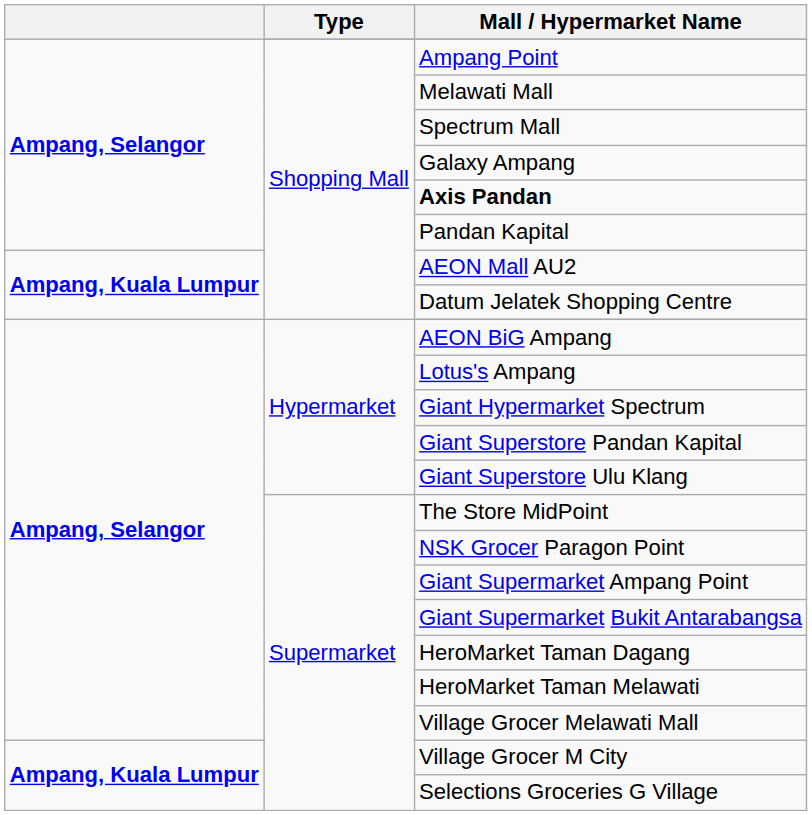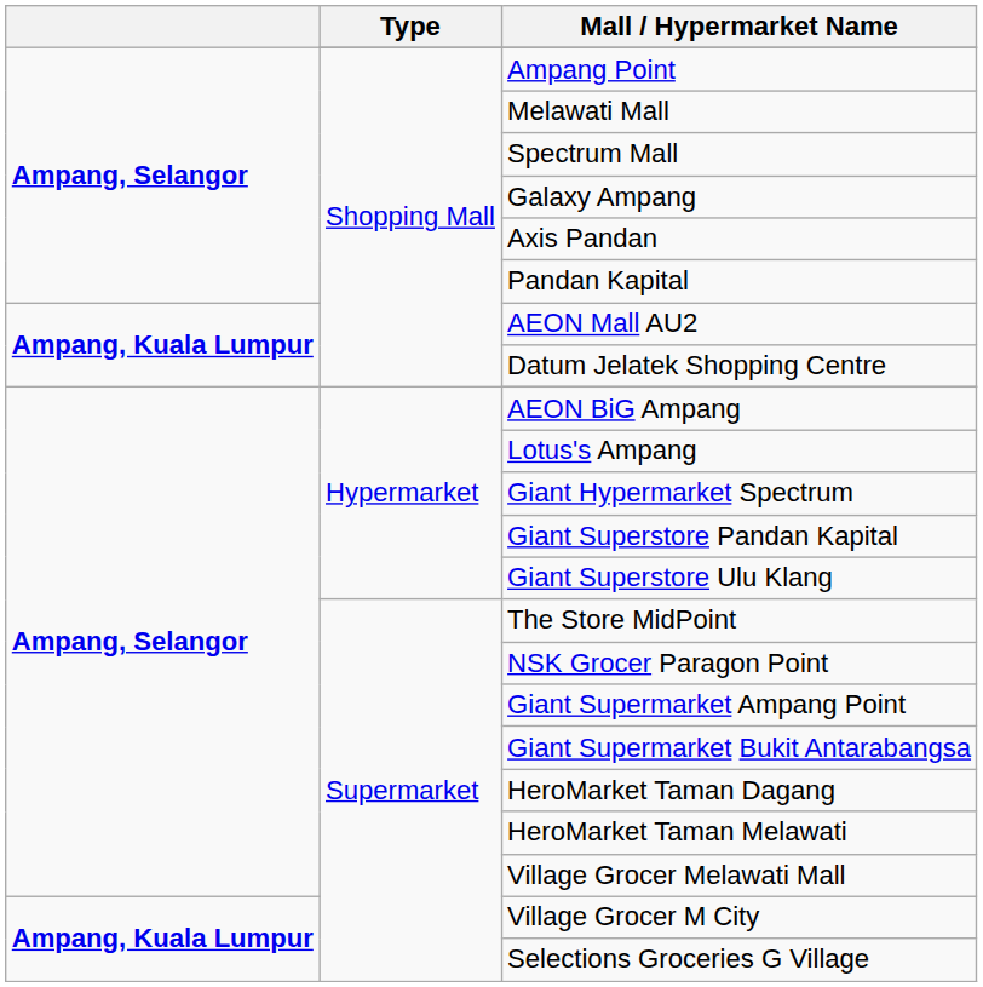 <table class="wikitable">
 <tr>
 <th></th>
 <th>Type</th>
 <th>Mall / Hypermarket Name</th>
 </tr>
 <tr>
 <td rowspan="7"><strong><a href='#'>Ampang, Selangor</a></strong></td>
 </tr>
 <tr>
 <td rowspan="8"><a href='#'>Shopping Mall</a></td>
 <td><a href='#'>Ampang Point</a></td>
 </tr>
 <tr>
 <td>Melawati Mall</td>
 </tr>
 <tr>
 <td>Spectrum Mall</td>
 </tr>
 <tr>
 <td>Galaxy Ampang</td>
 </tr>
 <tr>
-<td><strong>Axis Pandan</strong></td>
+<td>Axis Pandan</td>
 </tr>
 <tr>
 <td>Pandan Kapital</td>
 </tr>
 <tr>
 <td rowspan="2"><strong><a href='#'>Ampang, Kuala Lumpur</a></strong></td>
 <td><a href='#'>AEON Mall</a> AU2</td>
 </tr>
 <tr>
 <td>Datum Jelatek Shopping Centre</td>
 </tr>
 <tr>
 <td rowspan="13"><strong><a href='#'>Ampang, Selangor</a></strong></td>
 <td rowspan="6"><a href='#'>Hypermarket</a></td>
 </tr>
 <tr>
 <td><a href='#'>AEON BiG</a> Ampang</td>
 </tr>
 <tr>
 <td><a href='#'>Lotus's</a> Ampang</td>
 </tr>
 <tr>
 <td><a href='#'>Giant Hypermarket</a> Spectrum</td>
 </tr>
 <tr>
 <td><a href='#'>Giant Superstore</a> Pandan Kapital</td>
 </tr>
 <tr>
 <td><a href='#'>Giant Superstore</a> Ulu Klang</td>
 </tr>
 <tr>
 <td rowspan="9"><a href='#'>Supermarket</a></td>
 <td>The Store MidPoint</td>
 </tr>
 <tr>
 <td><a href='#'>NSK Grocer</a> Paragon Point</td>
 </tr>
 <tr>
 <td><a href='#'>Giant Supermarket</a> Ampang Point</td>
 </tr>
 <tr>
 <td><a href='#'>Giant Supermarket</a> <a href='#'>Bukit Antarabangsa</a></td>
 </tr>
 <tr>
 <td>HeroMarket Taman Dagang</td>
 </tr>
 <tr>
 <td>HeroMarket Taman Melawati</td>
 </tr>
 <tr>
 <td>Village Grocer Melawati Mall</td>
 </tr>
 <tr>
 <td rowspan="2"><strong><a href='#'>Ampang, Kuala Lumpur</a></strong></td>
 <td>Village Grocer M City</td>
 </tr>
 <tr>
 <td>Selections Groceries G Village</td>
 </tr>
 <tr>
 </tr>
 </table>
